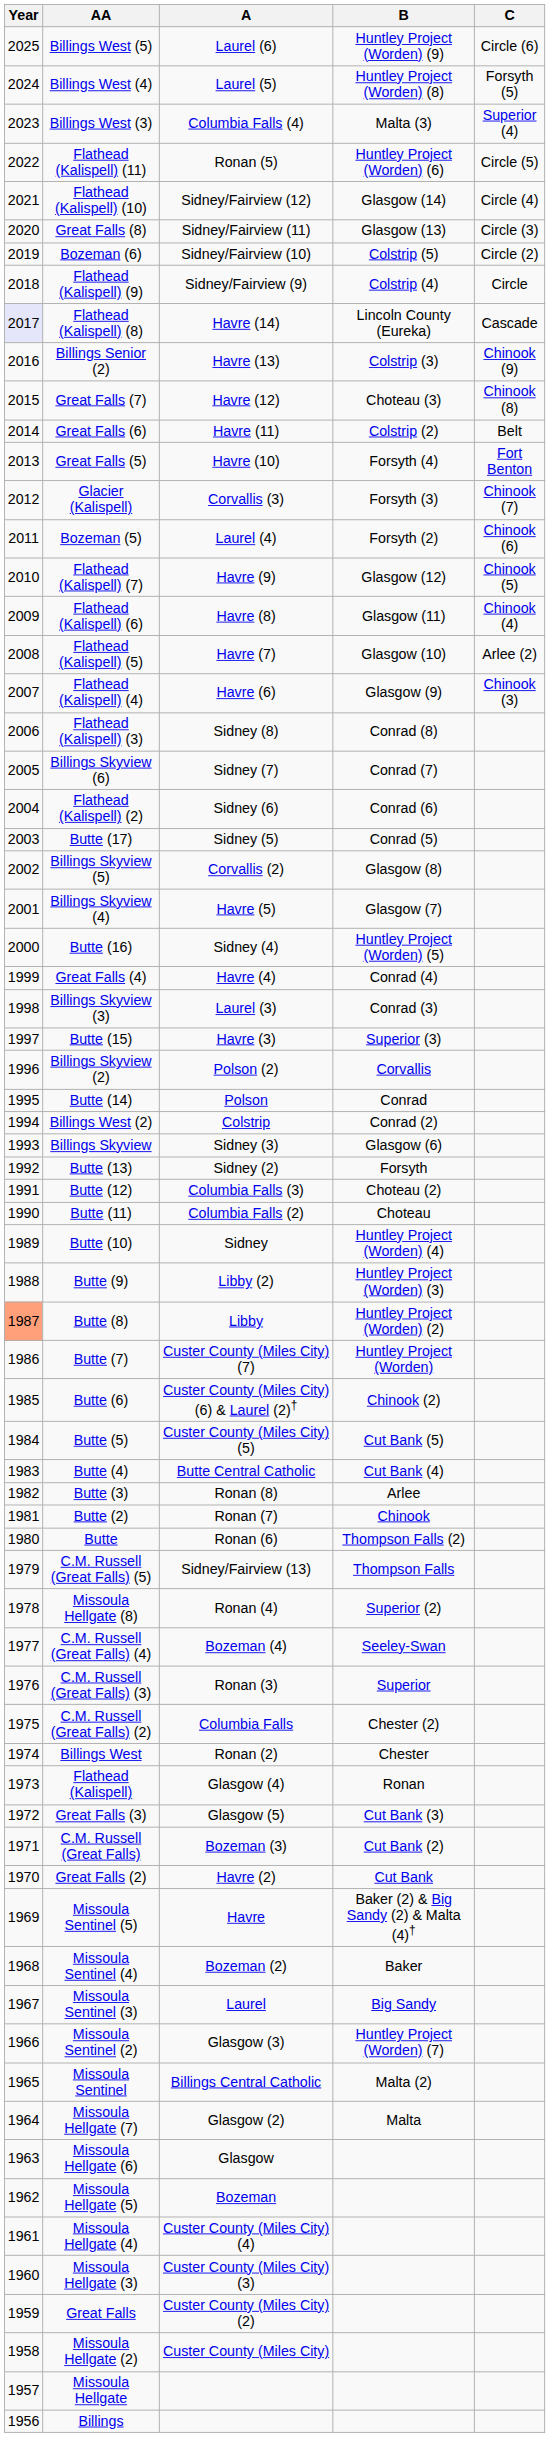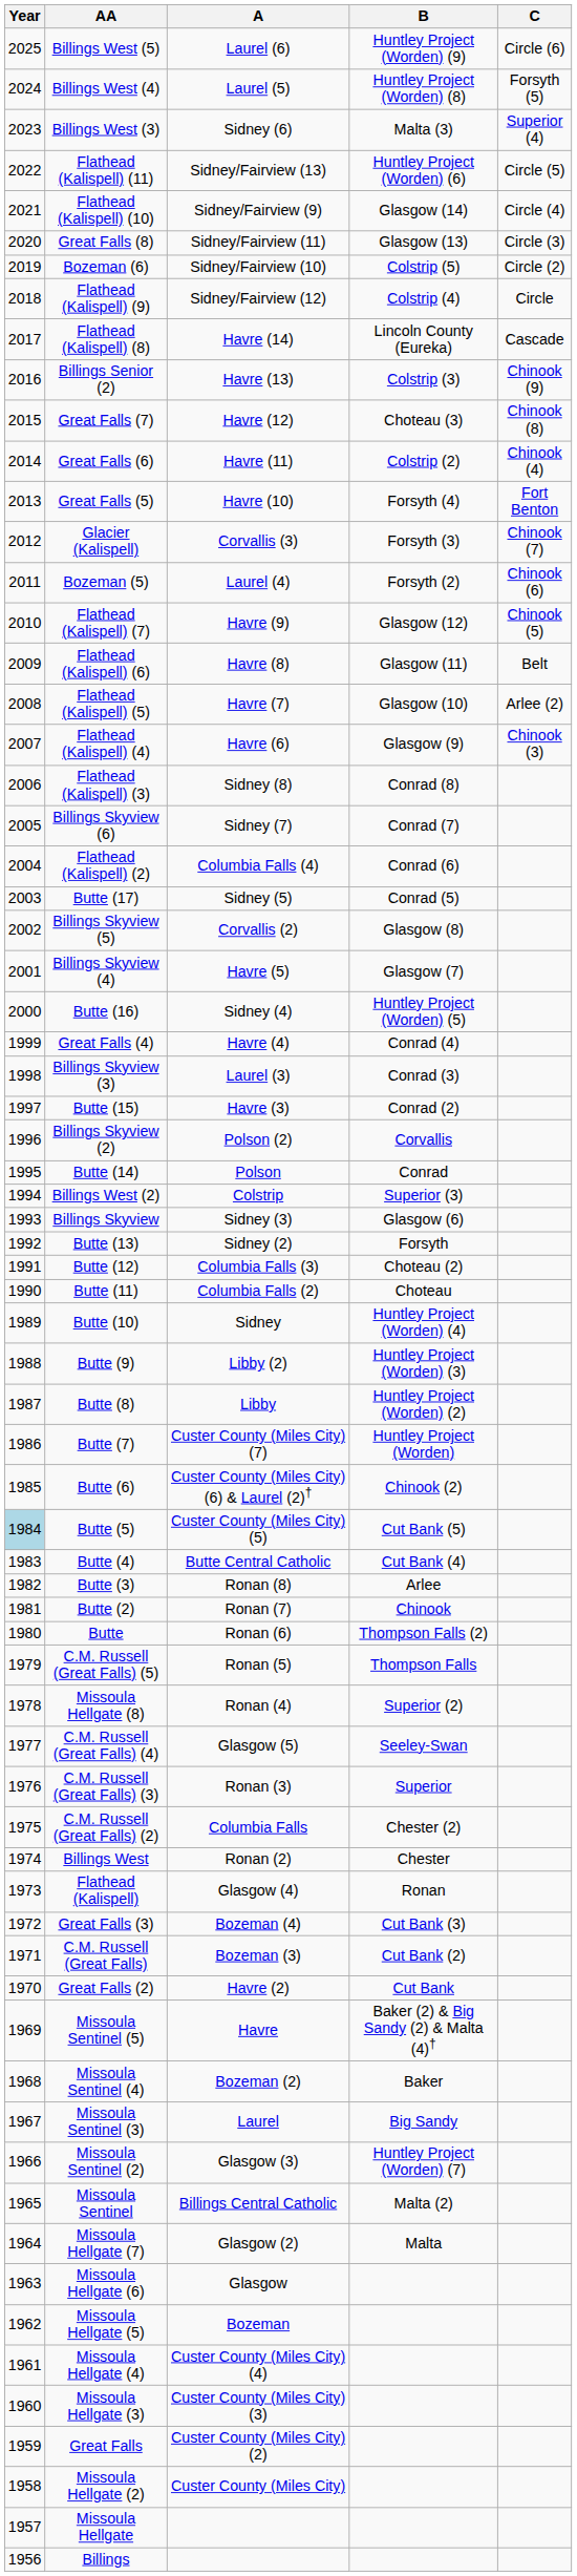 <table class="wikitable" style="text-align:center">
 <tr>
 <th>Year</th>
 <th>AA</th>
 <th>A</th>
 <th>B</th>
 <th>C</th>
 </tr>
 <tr>
 <td>2025</td>
 <td><a href='#'>Billings West</a> (5)</td>
 <td><a href='#'>Laurel</a> (6)</td>
 <td><a href='#'>Huntley Project (Worden)</a> (9)</td>
 <td>Circle (6)</td>
 </tr>
 <tr>
 <td>2024</td>
 <td><a href='#'>Billings West</a> (4)</td>
 <td><a href='#'>Laurel</a> (5)</td>
 <td><a href='#'>Huntley Project (Worden)</a> (8)</td>
 <td>Forsyth (5)</td>
 </tr>
 <tr>
 <td>2023</td>
 <td><a href='#'>Billings West</a> (3)</td>
-<td><a href='#'>Columbia Falls</a> (4)</td>
+<td>Sidney (6)</td>
 <td>Malta (3)</td>
 <td><a href='#'>Superior</a> (4)</td>
 </tr>
 <tr>
 <td>2022</td>
 <td><a href='#'>Flathead (Kalispell)</a> (11)</td>
-<td>Ronan (5)</td>
+<td>Sidney/Fairview (13)</td>
 <td><a href='#'>Huntley Project (Worden)</a> (6)</td>
 <td>Circle (5)</td>
 </tr>
 <tr>
 <td>2021</td>
 <td><a href='#'>Flathead (Kalispell)</a> (10)</td>
-<td>Sidney/Fairview (12)</td>
+<td>Sidney/Fairview (9)</td>
 <td>Glasgow (14)</td>
 <td>Circle (4)</td>
 </tr>
 <tr>
 <td>2020</td>
 <td><a href='#'>Great Falls</a> (8)</td>
 <td>Sidney/Fairview (11)</td>
 <td>Glasgow (13)</td>
 <td>Circle (3)</td>
 </tr>
 <tr>
 <td>2019</td>
 <td><a href='#'>Bozeman</a> (6)</td>
 <td>Sidney/Fairview (10)</td>
 <td><a href='#'>Colstrip</a> (5)</td>
 <td>Circle (2)</td>
 </tr>
 <tr>
 <td>2018</td>
 <td><a href='#'>Flathead (Kalispell)</a> (9)</td>
-<td>Sidney/Fairview (9)</td>
+<td>Sidney/Fairview (12)</td>
 <td><a href='#'>Colstrip</a> (4)</td>
 <td>Circle</td>
 </tr>
 <tr>
-<td style="background: lavender;">2017</td>
+<td>2017</td>
 <td><a href='#'>Flathead (Kalispell)</a> (8)</td>
 <td><a href='#'>Havre</a> (14)</td>
 <td>Lincoln County (Eureka)</td>
 <td>Cascade</td>
 </tr>
 <tr>
 <td>2016</td>
 <td><a href='#'>Billings Senior</a> (2)</td>
 <td><a href='#'>Havre</a> (13)</td>
 <td><a href='#'>Colstrip</a> (3)</td>
 <td><a href='#'>Chinook</a> (9)</td>
 </tr>
 <tr>
 <td>2015</td>
 <td><a href='#'>Great Falls</a> (7)</td>
 <td><a href='#'>Havre</a> (12)</td>
 <td>Choteau (3)</td>
 <td><a href='#'>Chinook</a> (8)</td>
 </tr>
 <tr>
 <td>2014</td>
 <td><a href='#'>Great Falls</a> (6)</td>
 <td><a href='#'>Havre</a> (11)</td>
 <td><a href='#'>Colstrip</a> (2)</td>
-<td>Belt</td>
+<td><a href='#'>Chinook</a> (4)</td>
 </tr>
 <tr>
 <td>2013</td>
 <td><a href='#'>Great Falls</a> (5)</td>
 <td><a href='#'>Havre</a> (10)</td>
 <td>Forsyth (4)</td>
 <td><a href='#'>Fort Benton</a></td>
 </tr>
 <tr>
 <td>2012</td>
 <td><a href='#'>Glacier (Kalispell)</a></td>
 <td><a href='#'>Corvallis</a> (3)</td>
 <td>Forsyth (3)</td>
 <td><a href='#'>Chinook</a> (7)</td>
 </tr>
 <tr>
 <td>2011</td>
 <td><a href='#'>Bozeman</a> (5)</td>
 <td><a href='#'>Laurel</a> (4)</td>
 <td>Forsyth (2)</td>
 <td><a href='#'>Chinook</a> (6)</td>
 </tr>
 <tr>
 <td>2010</td>
 <td><a href='#'>Flathead (Kalispell)</a> (7)</td>
 <td><a href='#'>Havre</a> (9)</td>
 <td>Glasgow (12)</td>
 <td><a href='#'>Chinook</a> (5)</td>
 </tr>
 <tr>
 <td>2009</td>
 <td><a href='#'>Flathead (Kalispell)</a> (6)</td>
 <td><a href='#'>Havre</a> (8)</td>
 <td>Glasgow (11)</td>
-<td><a href='#'>Chinook</a> (4)</td>
+<td>Belt</td>
 </tr>
 <tr>
 <td>2008</td>
 <td><a href='#'>Flathead (Kalispell)</a> (5)</td>
 <td><a href='#'>Havre</a> (7)</td>
 <td>Glasgow (10)</td>
 <td>Arlee (2)</td>
 </tr>
 <tr>
 <td>2007</td>
 <td><a href='#'>Flathead (Kalispell)</a> (4)</td>
 <td><a href='#'>Havre</a> (6)</td>
 <td>Glasgow (9)</td>
 <td><a href='#'>Chinook</a> (3)</td>
 </tr>
 <tr>
 <td>2006</td>
 <td><a href='#'>Flathead (Kalispell)</a> (3)</td>
 <td>Sidney (8)</td>
 <td>Conrad (8)</td>
 <td></td>
 </tr>
 <tr>
 <td>2005</td>
 <td><a href='#'>Billings Skyview</a> (6)</td>
 <td>Sidney (7)</td>
 <td>Conrad (7)</td>
 <td></td>
 </tr>
 <tr>
 <td>2004</td>
 <td><a href='#'>Flathead (Kalispell)</a> (2)</td>
-<td>Sidney (6)</td>
+<td><a href='#'>Columbia Falls</a> (4)</td>
 <td>Conrad (6)</td>
 <td></td>
 </tr>
 <tr>
 <td>2003</td>
 <td><a href='#'>Butte</a> (17)</td>
 <td>Sidney (5)</td>
 <td>Conrad (5)</td>
 <td></td>
 </tr>
 <tr>
 <td>2002</td>
 <td><a href='#'>Billings Skyview</a> (5)</td>
 <td><a href='#'>Corvallis</a> (2)</td>
 <td>Glasgow (8)</td>
 <td></td>
 </tr>
 <tr>
 <td>2001</td>
 <td><a href='#'>Billings Skyview</a> (4)</td>
 <td><a href='#'>Havre</a> (5)</td>
 <td>Glasgow (7)</td>
 <td></td>
 </tr>
 <tr>
 <td>2000</td>
 <td><a href='#'>Butte</a> (16)</td>
 <td>Sidney (4)</td>
 <td><a href='#'>Huntley Project (Worden)</a> (5)</td>
 <td></td>
 </tr>
 <tr>
 <td>1999</td>
 <td><a href='#'>Great Falls</a> (4)</td>
 <td><a href='#'>Havre</a> (4)</td>
 <td>Conrad (4)</td>
 <td></td>
 </tr>
 <tr>
 <td>1998</td>
 <td><a href='#'>Billings Skyview</a> (3)</td>
 <td><a href='#'>Laurel</a> (3)</td>
 <td>Conrad (3)</td>
 <td></td>
 </tr>
 <tr>
 <td>1997</td>
 <td><a href='#'>Butte</a> (15)</td>
 <td><a href='#'>Havre</a> (3)</td>
-<td><a href='#'>Superior</a> (3)</td>
+<td>Conrad (2)</td>
 <td></td>
 </tr>
 <tr>
 <td>1996</td>
 <td><a href='#'>Billings Skyview</a> (2)</td>
 <td><a href='#'>Polson</a> (2)</td>
 <td><a href='#'>Corvallis</a></td>
 <td></td>
 </tr>
 <tr>
 <td>1995</td>
 <td><a href='#'>Butte</a> (14)</td>
 <td><a href='#'>Polson</a></td>
 <td>Conrad</td>
 <td></td>
 </tr>
 <tr>
 <td>1994</td>
 <td><a href='#'>Billings West</a> (2)</td>
 <td><a href='#'>Colstrip</a></td>
-<td>Conrad (2)</td>
+<td><a href='#'>Superior</a> (3)</td>
 <td></td>
 </tr>
 <tr>
 <td>1993</td>
 <td><a href='#'>Billings Skyview</a></td>
 <td>Sidney (3)</td>
 <td>Glasgow (6)</td>
 <td></td>
 </tr>
 <tr>
 <td>1992</td>
 <td><a href='#'>Butte</a> (13)</td>
 <td>Sidney (2)</td>
 <td>Forsyth</td>
 <td></td>
 </tr>
 <tr>
 <td>1991</td>
 <td><a href='#'>Butte</a> (12)</td>
 <td><a href='#'>Columbia Falls</a> (3)</td>
 <td>Choteau (2)</td>
 <td></td>
 </tr>
 <tr>
 <td>1990</td>
 <td><a href='#'>Butte</a> (11)</td>
 <td><a href='#'>Columbia Falls</a> (2)</td>
 <td>Choteau</td>
 <td></td>
 </tr>
 <tr>
 <td>1989</td>
 <td><a href='#'>Butte</a> (10)</td>
 <td>Sidney</td>
 <td><a href='#'>Huntley Project (Worden)</a> (4)</td>
 <td></td>
 </tr>
 <tr>
 <td>1988</td>
 <td><a href='#'>Butte</a> (9)</td>
 <td><a href='#'>Libby</a> (2)</td>
 <td><a href='#'>Huntley Project (Worden)</a> (3)</td>
 <td></td>
 </tr>
 <tr>
-<td style="background: lightsalmon;">1987</td>
+<td>1987</td>
 <td><a href='#'>Butte</a> (8)</td>
 <td><a href='#'>Libby</a></td>
 <td><a href='#'>Huntley Project (Worden)</a> (2)</td>
 <td></td>
 </tr>
 <tr>
 <td>1986</td>
 <td><a href='#'>Butte</a> (7)</td>
 <td><a href='#'>Custer County (Miles City)</a> (7)</td>
 <td><a href='#'>Huntley Project (Worden)</a></td>
 <td></td>
 </tr>
 <tr>
 <td>1985</td>
 <td><a href='#'>Butte</a> (6)</td>
 <td><a href='#'>Custer County (Miles City)</a> (6) & <a href='#'>Laurel</a> (2)<sup>†</sup></td>
 <td><a href='#'>Chinook</a> (2)</td>
 <td></td>
 </tr>
 <tr>
-<td>1984</td>
+<td style="background: lightblue;">1984</td>
 <td><a href='#'>Butte</a> (5)</td>
 <td><a href='#'>Custer County (Miles City)</a> (5)</td>
 <td><a href='#'>Cut Bank</a> (5)</td>
 <td></td>
 </tr>
 <tr>
 <td>1983</td>
 <td><a href='#'>Butte</a> (4)</td>
 <td><a href='#'>Butte Central Catholic</a></td>
 <td><a href='#'>Cut Bank</a> (4)</td>
 <td></td>
 </tr>
 <tr>
 <td>1982</td>
 <td><a href='#'>Butte</a> (3)</td>
 <td>Ronan (8)</td>
 <td>Arlee</td>
 <td></td>
 </tr>
 <tr>
 <td>1981</td>
 <td><a href='#'>Butte</a> (2)</td>
 <td>Ronan (7)</td>
 <td><a href='#'>Chinook</a></td>
 <td></td>
 </tr>
 <tr>
 <td>1980</td>
 <td><a href='#'>Butte</a></td>
 <td>Ronan (6)</td>
 <td><a href='#'>Thompson Falls</a> (2)</td>
 <td></td>
 </tr>
 <tr>
 <td>1979</td>
 <td><a href='#'>C.M. Russell (Great Falls)</a> (5)</td>
-<td>Sidney/Fairview (13)</td>
+<td>Ronan (5)</td>
 <td><a href='#'>Thompson Falls</a></td>
 <td></td>
 </tr>
 <tr>
 <td>1978</td>
 <td><a href='#'>Missoula Hellgate</a> (8)</td>
 <td>Ronan (4)</td>
 <td><a href='#'>Superior</a> (2)</td>
 <td></td>
 </tr>
 <tr>
 <td>1977</td>
 <td><a href='#'>C.M. Russell (Great Falls)</a> (4)</td>
-<td><a href='#'>Bozeman</a> (4)</td>
+<td>Glasgow (5)</td>
 <td><a href='#'>Seeley-Swan</a></td>
 <td></td>
 </tr>
 <tr>
 <td>1976</td>
 <td><a href='#'>C.M. Russell (Great Falls)</a> (3)</td>
 <td>Ronan (3)</td>
 <td><a href='#'>Superior</a></td>
 <td></td>
 </tr>
 <tr>
 <td>1975</td>
 <td><a href='#'>C.M. Russell (Great Falls)</a> (2)</td>
 <td><a href='#'>Columbia Falls</a></td>
 <td>Chester (2)</td>
 <td></td>
 </tr>
 <tr>
 <td>1974</td>
 <td><a href='#'>Billings West</a></td>
 <td>Ronan (2)</td>
 <td>Chester</td>
 <td></td>
 </tr>
 <tr>
 <td>1973</td>
 <td><a href='#'>Flathead (Kalispell)</a></td>
 <td>Glasgow (4)</td>
 <td>Ronan</td>
 <td></td>
 </tr>
 <tr>
 <td>1972</td>
 <td><a href='#'>Great Falls</a> (3)</td>
-<td>Glasgow (5)</td>
+<td><a href='#'>Bozeman</a> (4)</td>
 <td><a href='#'>Cut Bank</a> (3)</td>
 <td></td>
 </tr>
 <tr>
 <td>1971</td>
 <td><a href='#'>C.M. Russell (Great Falls)</a></td>
 <td><a href='#'>Bozeman</a> (3)</td>
 <td><a href='#'>Cut Bank</a> (2)</td>
 <td></td>
 </tr>
 <tr>
 <td>1970</td>
 <td><a href='#'>Great Falls</a> (2)</td>
 <td><a href='#'>Havre</a> (2)</td>
 <td><a href='#'>Cut Bank</a></td>
 <td></td>
 </tr>
 <tr>
 <td>1969</td>
 <td><a href='#'>Missoula Sentinel</a> (5)</td>
 <td><a href='#'>Havre</a></td>
 <td>Baker (2) & <a href='#'>Big Sandy</a> (2) & Malta (4)<sup>†</sup></td>
 <td></td>
 </tr>
 <tr>
 <td>1968</td>
 <td><a href='#'>Missoula Sentinel</a> (4)</td>
 <td><a href='#'>Bozeman</a> (2)</td>
 <td>Baker</td>
 <td></td>
 </tr>
 <tr>
 <td>1967</td>
 <td><a href='#'>Missoula Sentinel</a> (3)</td>
 <td><a href='#'>Laurel</a></td>
 <td><a href='#'>Big Sandy</a></td>
 <td></td>
 </tr>
 <tr>
 <td>1966</td>
 <td><a href='#'>Missoula Sentinel</a> (2)</td>
 <td>Glasgow (3)</td>
 <td><a href='#'>Huntley Project (Worden)</a> (7)</td>
 <td></td>
 </tr>
 <tr>
 <td>1965</td>
 <td><a href='#'>Missoula Sentinel</a></td>
 <td><a href='#'>Billings Central Catholic</a></td>
 <td>Malta (2)</td>
 <td></td>
 </tr>
 <tr>
 <td>1964</td>
 <td><a href='#'>Missoula Hellgate</a> (7)</td>
 <td>Glasgow (2)</td>
 <td>Malta</td>
 <td></td>
 </tr>
 <tr>
 <td>1963</td>
 <td><a href='#'>Missoula Hellgate</a> (6)</td>
 <td>Glasgow</td>
 <td></td>
 <td></td>
 </tr>
 <tr>
 <td>1962</td>
 <td><a href='#'>Missoula Hellgate</a> (5)</td>
 <td><a href='#'>Bozeman</a></td>
 <td></td>
 <td></td>
 </tr>
 <tr>
 <td>1961</td>
 <td><a href='#'>Missoula Hellgate</a> (4)</td>
 <td><a href='#'>Custer County (Miles City)</a> (4)</td>
 <td></td>
 <td></td>
 </tr>
 <tr>
 <td>1960</td>
 <td><a href='#'>Missoula Hellgate</a> (3)</td>
 <td><a href='#'>Custer County (Miles City)</a> (3)</td>
 <td></td>
 <td></td>
 </tr>
 <tr>
 <td>1959</td>
 <td><a href='#'>Great Falls</a></td>
 <td><a href='#'>Custer County (Miles City)</a> (2)</td>
 <td></td>
 <td></td>
 </tr>
 <tr>
 <td>1958</td>
 <td><a href='#'>Missoula Hellgate</a> (2)</td>
 <td><a href='#'>Custer County (Miles City)</a></td>
 <td></td>
 <td></td>
 </tr>
 <tr>
 <td>1957</td>
 <td><a href='#'>Missoula Hellgate</a></td>
 <td></td>
 <td></td>
 <td></td>
 </tr>
 <tr>
 <td>1956</td>
 <td><a href='#'>Billings</a></td>
 <td></td>
 <td></td>
 <td></td>
 </tr>
 </table>
